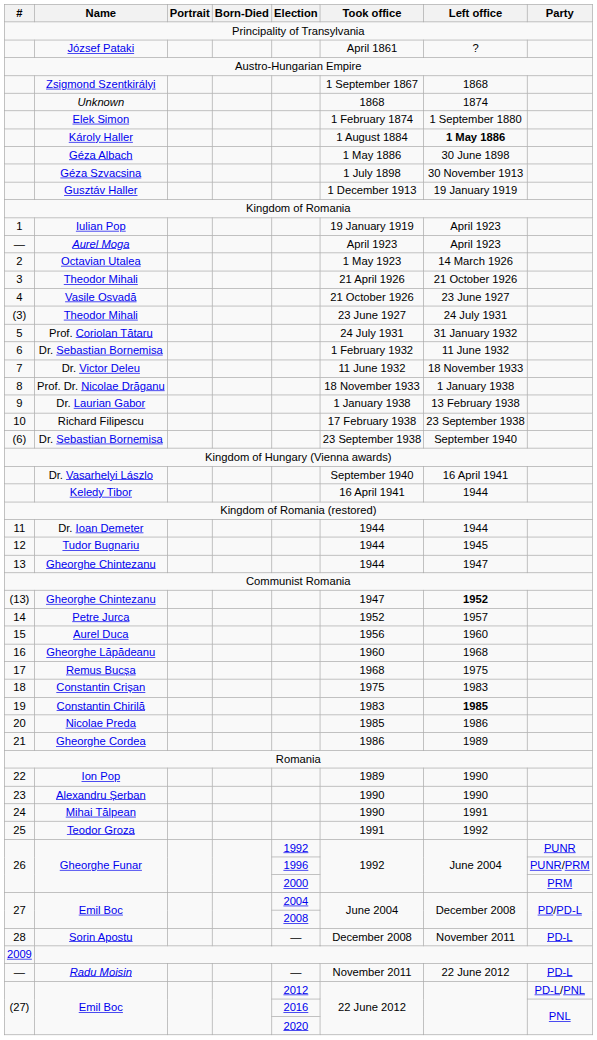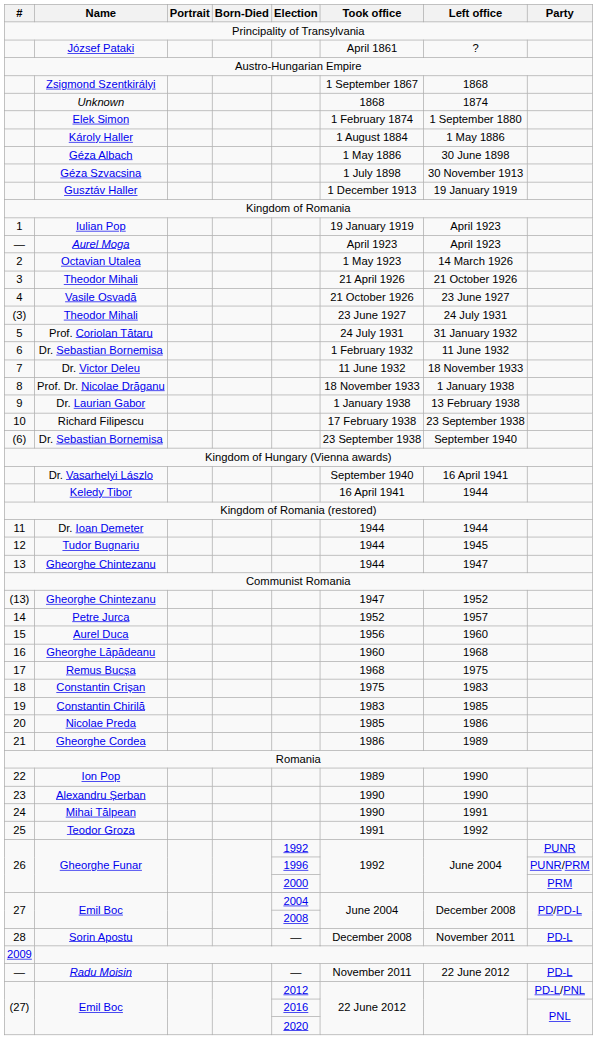 <table class="wikitable" style="text-align:center">
 <tr>
 <th>#</th>
 <th>Name</th>
 <th>Portrait</th>
 <th>Born-Died</th>
 <th>Election</th>
 <th>Took office</th>
 <th>Left office</th>
 <th>Party</th>
 </tr>
 <tr>
 <td colspan = 8>Principality of Transylvania</td>
 </tr>
 <tr>
 <td></td>
 <td><a href='#'>József Pataki</a></td>
 <td></td>
 <td></td>
 <td></td>
 <td>April 1861</td>
 <td>?</td>
 <td></td>
 </tr>
 <tr>
 <td colspan = 8>Austro-Hungarian Empire</td>
 </tr>
 <tr>
 <td></td>
 <td><a href='#'>Zsigmond Szentkirályi</a></td>
 <td></td>
 <td></td>
 <td></td>
 <td>1 September 1867</td>
 <td>1868</td>
 <td></td>
 </tr>
 <tr>
 <td></td>
 <td><em>Unknown</em></td>
 <td></td>
 <td></td>
 <td></td>
 <td>1868</td>
 <td>1874</td>
 <td></td>
 </tr>
 <tr>
 <td></td>
 <td><a href='#'>Elek Simon</a></td>
 <td></td>
 <td></td>
 <td></td>
 <td>1 February 1874</td>
 <td>1 September 1880</td>
 <td></td>
 </tr>
 <tr>
 <td></td>
 <td><a href='#'>Károly Haller</a></td>
 <td></td>
 <td></td>
 <td></td>
 <td>1 August 1884</td>
-<td><strong>1 May 1886</strong></td>
+<td>1 May 1886</td>
 <td></td>
 </tr>
 <tr>
 <td></td>
 <td><a href='#'>Géza Albach</a></td>
 <td></td>
 <td></td>
 <td></td>
 <td>1 May 1886</td>
 <td>30 June 1898</td>
 <td></td>
 </tr>
 <tr>
 <td></td>
 <td><a href='#'>Géza Szvacsina</a></td>
 <td></td>
 <td></td>
 <td></td>
 <td>1 July 1898</td>
 <td>30 November 1913</td>
 <td></td>
 </tr>
 <tr>
 <td></td>
 <td><a href='#'>Gusztáv Haller</a></td>
 <td></td>
 <td></td>
 <td></td>
 <td>1 December 1913</td>
 <td>19 January 1919</td>
 <td></td>
 </tr>
 <tr>
 <td colspan = 8>Kingdom of Romania</td>
 </tr>
 <tr>
 <td>1</td>
 <td><a href='#'>Iulian Pop</a></td>
 <td></td>
 <td></td>
 <td></td>
 <td>19 January 1919</td>
 <td>April 1923</td>
 <td></td>
 </tr>
 <tr>
 <td>—</td>
 <td><em><a href='#'>Aurel Moga</a></em></td>
 <td></td>
 <td></td>
 <td></td>
 <td>April 1923</td>
 <td>April 1923</td>
 <td></td>
 </tr>
 <tr>
 <td>2</td>
 <td><a href='#'>Octavian Utalea</a></td>
 <td></td>
 <td></td>
 <td></td>
 <td>1 May 1923</td>
 <td>14 March 1926</td>
 <td></td>
 </tr>
 <tr>
 <td>3</td>
 <td><a href='#'>Theodor Mihali</a></td>
 <td></td>
 <td></td>
 <td></td>
 <td>21 April 1926</td>
 <td>21 October 1926</td>
 <td></td>
 </tr>
 <tr>
 <td>4</td>
 <td><a href='#'>Vasile Osvadă</a></td>
 <td></td>
 <td></td>
 <td></td>
 <td>21 October 1926</td>
 <td>23 June 1927</td>
 <td></td>
 </tr>
 <tr>
 <td>(3)</td>
 <td><a href='#'>Theodor Mihali</a></td>
 <td></td>
 <td></td>
 <td></td>
 <td>23 June 1927</td>
 <td>24 July 1931</td>
 <td></td>
 </tr>
 <tr>
 <td>5</td>
 <td>Prof. <a href='#'>Coriolan Tătaru</a></td>
 <td></td>
 <td></td>
 <td></td>
 <td>24 July 1931</td>
 <td>31 January 1932</td>
 <td></td>
 </tr>
 <tr>
 <td>6</td>
 <td>Dr. <a href='#'>Sebastian Bornemisa</a></td>
 <td></td>
 <td></td>
 <td></td>
 <td>1 February 1932</td>
 <td>11 June 1932</td>
 <td></td>
 </tr>
 <tr>
 <td>7</td>
 <td>Dr. <a href='#'>Victor Deleu</a></td>
 <td></td>
 <td></td>
 <td></td>
 <td>11 June 1932</td>
 <td>18 November 1933</td>
 <td></td>
 </tr>
 <tr>
 <td>8</td>
 <td>Prof. Dr. <a href='#'>Nicolae Drăganu</a></td>
 <td></td>
 <td></td>
 <td></td>
 <td>18 November 1933</td>
 <td>1 January 1938</td>
 <td></td>
 </tr>
 <tr>
 <td>9</td>
 <td>Dr. <a href='#'>Laurian Gabor</a></td>
 <td></td>
 <td></td>
 <td></td>
 <td>1 January 1938</td>
 <td>13 February 1938</td>
 <td></td>
 </tr>
 <tr>
 <td>10</td>
 <td>Richard Filipescu</td>
 <td></td>
 <td></td>
 <td></td>
 <td>17 February 1938</td>
 <td>23 September 1938</td>
 <td></td>
 </tr>
 <tr>
 <td>(6)</td>
 <td>Dr. <a href='#'>Sebastian Bornemisa</a></td>
 <td></td>
 <td></td>
 <td></td>
 <td>23 September 1938</td>
 <td>September 1940</td>
 <td></td>
 </tr>
 <tr>
 <td colspan = 8>Kingdom of Hungary (Vienna awards)</td>
 </tr>
 <tr>
 <td></td>
 <td>Dr. <a href='#'>Vasarhelyi Lászlo</a></td>
 <td></td>
 <td></td>
 <td></td>
 <td>September 1940</td>
 <td>16 April 1941</td>
 <td></td>
 </tr>
 <tr>
 <td></td>
 <td><a href='#'>Keledy Tibor</a></td>
 <td></td>
 <td></td>
 <td></td>
 <td>16 April 1941</td>
 <td>1944</td>
 <td></td>
 </tr>
 <tr>
 <td colspan = 8>Kingdom of Romania (restored)</td>
 </tr>
 <tr>
 <td>11</td>
 <td>Dr. <a href='#'>Ioan Demeter</a></td>
 <td></td>
 <td></td>
 <td></td>
 <td>1944</td>
 <td>1944</td>
 <td></td>
 </tr>
 <tr>
 <td>12</td>
 <td><a href='#'>Tudor Bugnariu</a></td>
 <td></td>
 <td></td>
 <td></td>
 <td>1944</td>
 <td>1945</td>
 <td></td>
 </tr>
 <tr>
 <td>13</td>
 <td><a href='#'>Gheorghe Chintezanu</a></td>
 <td></td>
 <td></td>
 <td></td>
 <td>1944</td>
 <td>1947</td>
 <td></td>
 </tr>
 <tr>
 <td colspan = 8>Communist Romania</td>
 </tr>
 <tr>
 <td>(13)</td>
 <td><a href='#'>Gheorghe Chintezanu</a></td>
 <td></td>
 <td></td>
 <td></td>
 <td>1947</td>
-<td><strong>1952</strong></td>
+<td>1952</td>
 <td></td>
 </tr>
 <tr>
 <td>14</td>
 <td><a href='#'>Petre Jurca</a></td>
 <td></td>
 <td></td>
 <td></td>
 <td>1952</td>
 <td>1957</td>
 <td></td>
 </tr>
 <tr>
 <td>15</td>
 <td><a href='#'>Aurel Duca</a></td>
 <td></td>
 <td></td>
 <td></td>
 <td>1956</td>
 <td>1960</td>
 <td></td>
 </tr>
 <tr>
 <td>16</td>
 <td><a href='#'>Gheorghe Lăpădeanu</a></td>
 <td></td>
 <td></td>
 <td></td>
 <td>1960</td>
 <td>1968</td>
 <td></td>
 </tr>
 <tr>
 <td>17</td>
 <td><a href='#'>Remus Bucșa</a></td>
 <td></td>
 <td></td>
 <td></td>
 <td>1968</td>
 <td>1975</td>
 <td></td>
 </tr>
 <tr>
 <td>18</td>
 <td><a href='#'>Constantin Crișan</a></td>
 <td></td>
 <td></td>
 <td></td>
 <td>1975</td>
 <td>1983</td>
 <td></td>
 </tr>
 <tr>
 <td>19</td>
 <td><a href='#'>Constantin Chirilă</a></td>
 <td></td>
 <td></td>
 <td></td>
 <td>1983</td>
-<td><strong>1985</strong></td>
+<td>1985</td>
 <td></td>
 </tr>
 <tr>
 <td>20</td>
 <td><a href='#'>Nicolae Preda</a></td>
 <td></td>
 <td></td>
 <td></td>
 <td>1985</td>
 <td>1986</td>
 <td></td>
 </tr>
 <tr>
 <td>21</td>
 <td><a href='#'>Gheorghe Cordea</a></td>
 <td></td>
 <td></td>
 <td></td>
 <td>1986</td>
 <td>1989</td>
 <td></td>
 </tr>
 <tr>
 <td colspan = 8>Romania</td>
 </tr>
 <tr>
 <td>22</td>
 <td><a href='#'>Ion Pop</a></td>
 <td></td>
 <td></td>
 <td></td>
 <td>1989</td>
 <td>1990</td>
 <td></td>
 </tr>
 <tr>
 <td>23</td>
 <td><a href='#'>Alexandru Șerban</a></td>
 <td></td>
 <td></td>
 <td></td>
 <td>1990</td>
 <td>1990</td>
 <td></td>
 </tr>
 <tr>
 <td>24</td>
 <td><a href='#'>Mihai Tălpean</a></td>
 <td></td>
 <td></td>
 <td></td>
 <td>1990</td>
 <td>1991</td>
 <td></td>
 </tr>
 <tr>
 <td>25</td>
 <td><a href='#'>Teodor Groza</a></td>
 <td></td>
 <td></td>
 <td></td>
 <td>1991</td>
 <td>1992</td>
 <td></td>
 </tr>
 <tr>
 <td rowspan=3>26</td>
 <td rowspan=3><a href='#'>Gheorghe Funar</a></td>
 <td rowspan=3></td>
 <td rowspan=3></td>
 <td><a href='#'>1992</a></td>
 <td rowspan=3>1992</td>
 <td rowspan=3>June 2004</td>
 <td><a href='#'>PUNR</a></td>
 </tr>
 <tr>
 <td><a href='#'>1996</a></td>
 <td><a href='#'>PUNR</a>/<a href='#'>PRM</a></td>
 </tr>
 <tr>
 <td><a href='#'>2000</a></td>
 <td><a href='#'>PRM</a></td>
 </tr>
 <tr>
 <td rowspan=2>27</td>
 <td rowspan=2><a href='#'>Emil Boc</a></td>
 <td rowspan=2></td>
 <td rowspan=2></td>
 <td><a href='#'>2004</a></td>
 <td rowspan=2>June 2004</td>
 <td rowspan=2>December 2008</td>
 <td rowspan=2><a href='#'>PD</a>/<a href='#'>PD-L</a></td>
 </tr>
 <tr>
 <td><a href='#'>2008</a></td>
 </tr>
 <tr>
 <td rowspan=2>28</td>
 <td rowspan=2><a href='#'>Sorin Apostu</a></td>
 <td rowspan=2></td>
 <td rowspan=2></td>
 <td>—</td>
 <td rowspan=2>December 2008</td>
 <td rowspan=2>November 2011</td>
 <td rowspan=2><a href='#'>PD-L</a></td>
 </tr>
 <tr>
 </tr>
 <tr>
 <td><a href='#'>2009</a></td>
 </tr>
 <tr>
 <td>—</td>
 <td><em><a href='#'>Radu Moisin</a></em></td>
 <td></td>
 <td></td>
 <td>—</td>
 <td>November 2011</td>
 <td>22 June 2012</td>
 <td><a href='#'>PD-L</a></td>
 </tr>
 <tr>
 <td rowspan=3>(27)</td>
 <td rowspan=3><a href='#'>Emil Boc</a></td>
 <td rowspan=3></td>
 <td rowspan=3></td>
 <td><a href='#'>2012</a></td>
 <td rowspan=3>22 June 2012</td>
 <td rowspan=3></td>
 <td><a href='#'>PD-L</a>/<a href='#'>PNL</a></td>
 </tr>
 <tr>
 <td><a href='#'>2016</a></td>
 <td rowspan=2><a href='#'>PNL</a></td>
 </tr>
 <tr>
 <td><a href='#'>2020</a></td>
 </tr>
 </table>
